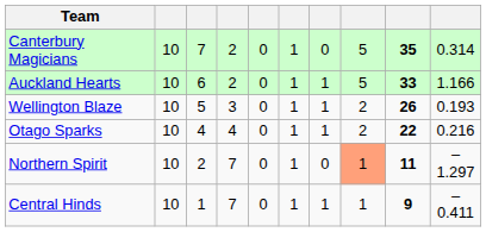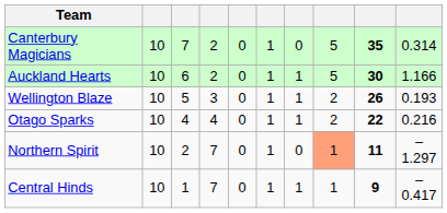 <table class="wikitable" style="text-align:center">
 <tr>
 <th width="150">Team</th>
 <th width="25"></th>
 <th width="25"></th>
 <th width="25"></th>
 <th width="25"></th>
 <th width="25"></th>
 <th width="25"></th>
 <th width="40"></th>
 <th width="40"></th>
 <th width="45"></th>
 </tr>
 <tr style="background:#cfc">
 <td style="text-align:left"><a href='#'>Canterbury Magicians</a></td>
 <td>10</td>
 <td>7</td>
 <td>2</td>
 <td>0</td>
 <td>1</td>
 <td>0</td>
 <td>5</td>
 <td><strong>35</strong></td>
 <td>0.314</td>
 </tr>
 <tr style="background:#cfc">
 <td style="text-align:left"><a href='#'>Auckland Hearts</a></td>
 <td>10</td>
 <td>6</td>
 <td>2</td>
 <td>0</td>
 <td>1</td>
 <td>1</td>
 <td>5</td>
-<td><strong>33</strong></td>
+<td><strong>30</strong></td>
 <td>1.166</td>
 </tr>
 <tr>
 <td style="text-align:left"><a href='#'>Wellington Blaze</a></td>
 <td>10</td>
 <td>5</td>
 <td>3</td>
 <td>0</td>
 <td>1</td>
 <td>1</td>
 <td>2</td>
 <td><strong>26</strong></td>
 <td>0.193</td>
 </tr>
 <tr>
 <td style="text-align:left"><a href='#'>Otago Sparks</a></td>
 <td>10</td>
 <td>4</td>
 <td>4</td>
 <td>0</td>
 <td>1</td>
 <td>1</td>
 <td>2</td>
 <td><strong>22</strong></td>
 <td>0.216</td>
 </tr>
 <tr>
 <td style="text-align:left"><a href='#'>Northern Spirit</a></td>
 <td>10</td>
 <td>2</td>
 <td>7</td>
 <td>0</td>
 <td>1</td>
 <td>0</td>
 <td style="background: lightsalmon;">1</td>
 <td><strong>11</strong></td>
 <td>–1.297</td>
 </tr>
 <tr>
 <td style="text-align:left"><a href='#'>Central Hinds</a></td>
 <td>10</td>
 <td>1</td>
 <td>7</td>
 <td>0</td>
 <td>1</td>
 <td>1</td>
 <td>1</td>
 <td><strong>9</strong></td>
-<td>–0.411</td>
+<td>–0.417</td>
 </tr>
 </table>
